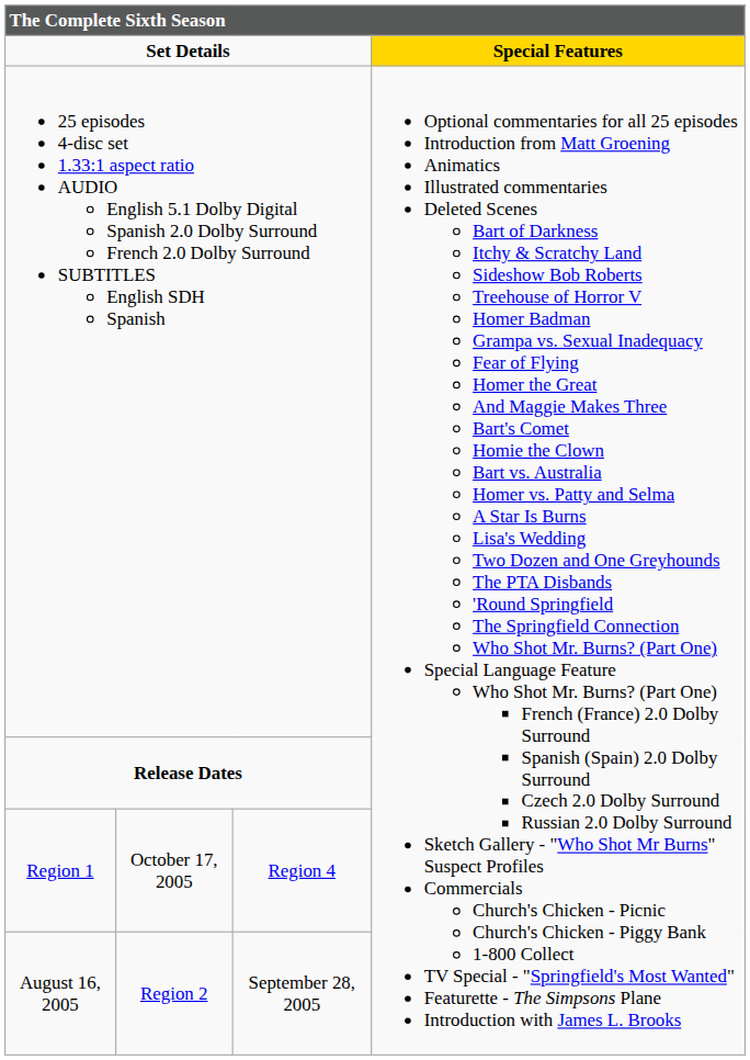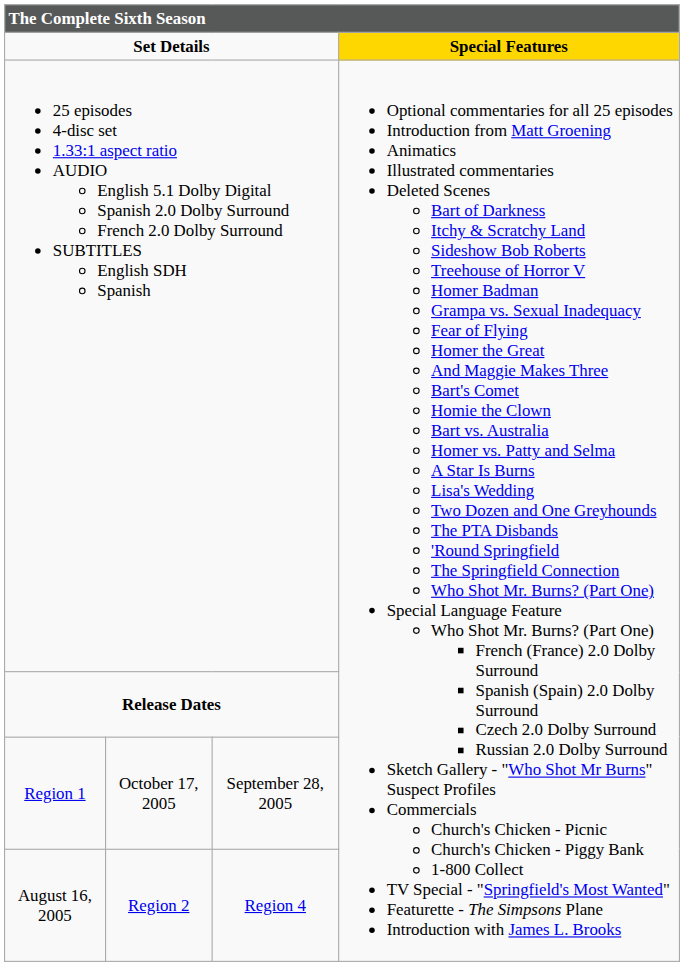 <table class="wikitable" style="font-size: 95%;">
 <tr>
 <td colspan="5" style="background-color: #575959; color:#FFFFFF; "><strong>The Complete Sixth Season</strong></td>
 </tr>
 <tr valign="top">
 <td align="center" width="400" colspan="3"><strong>Set Details</strong></td>
 <td width="300" align="center" style="background: gold;"><strong>Special Features</strong></td>
 </tr>
 <tr valign="top">
 <td colspan="3" align="left" width="400"><br><ul><li>25 episodes</li><li>4-disc set</li><li><a href='#'>1.33:1 aspect ratio</a></li><li>AUDIO<ul><li>English 5.1 Dolby Digital</li><li>Spanish 2.0 Dolby Surround</li><li>French 2.0 Dolby Surround</li></ul></li><li>SUBTITLES<ul><li>English SDH</li><li>Spanish</li></ul></li></ul></td>
 <td rowspan="4" align="left" width="300"><br><ul><li>Optional commentaries for all 25 episodes</li><li>Introduction from <a href='#'>Matt Groening</a></li><li>Animatics</li><li>Illustrated commentaries</li><li>Deleted Scenes<ul><li><a href='#'>Bart of Darkness</a></li><li><a href='#'>Itchy & Scratchy Land</a></li><li><a href='#'>Sideshow Bob Roberts</a></li><li><a href='#'>Treehouse of Horror V</a></li><li><a href='#'>Homer Badman</a></li><li><a href='#'>Grampa vs. Sexual Inadequacy</a></li><li><a href='#'>Fear of Flying</a></li><li><a href='#'>Homer the Great</a></li><li><a href='#'>And Maggie Makes Three</a></li><li><a href='#'>Bart's Comet</a></li><li><a href='#'>Homie the Clown</a></li><li><a href='#'>Bart vs. Australia</a></li><li><a href='#'>Homer vs. Patty and Selma</a></li><li><a href='#'>A Star Is Burns</a></li><li><a href='#'>Lisa's Wedding</a></li><li><a href='#'>Two Dozen and One Greyhounds</a></li><li><a href='#'>The PTA Disbands</a></li><li><a href='#'>'Round Springfield</a></li><li><a href='#'>The Springfield Connection</a></li><li><a href='#'>Who Shot Mr. Burns? (Part One)</a></li></ul></li><li>Special Language Feature<ul><li>Who Shot Mr. Burns? (Part One)<ul><li>French (France) 2.0 Dolby Surround</li><li>Spanish (Spain) 2.0 Dolby Surround</li><li>Czech 2.0 Dolby Surround</li><li>Russian 2.0 Dolby Surround</li></ul></li></ul></li><li>Sketch Gallery - "<a href='#'>Who Shot Mr Burns</a>" Suspect Profiles</li><li>Commercials<ul><li>Church's Chicken - Picnic</li><li>Church's Chicken - Piggy Bank</li><li>1-800 Collect</li></ul></li><li>TV Special - "<a href='#'>Springfield's Most Wanted</a>"</li><li>Featurette - <em>The Simpsons</em> Plane</li><li>Introduction with <a href='#'>James L. Brooks</a></li></ul></td>
 </tr>
 <tr>
 <td colspan="3" align="center"><strong>Release Dates</strong></td>
 </tr>
 <tr>
 <td align="center"><a href='#'>Region 1</a></td>
 <td align="center">October 17, 2005</td>
-<td align="center"><a href='#'>Region 4</a></td>
+<td align="center">September 28, 2005</td>
 </tr>
 <tr>
 <td align="center">August 16, 2005</td>
 <td align="center"><a href='#'>Region 2</a></td>
-<td align="center">September 28, 2005</td>
+<td align="center"><a href='#'>Region 4</a></td>
 </tr>
 </table>
